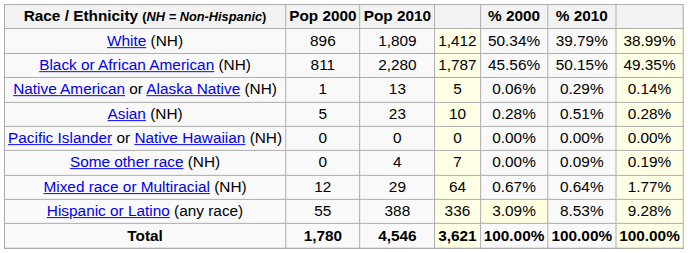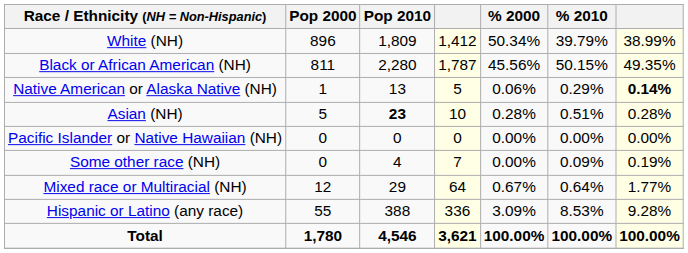 <table class="wikitable" style="text-align:center;">
 <tr>
 <th>Race / Ethnicity <small>(<em>NH = Non-Hispanic</em>)</small></th>
 <th>Pop 2000</th>
 <th>Pop 2010</th>
 <th></th>
 <th>% 2000</th>
 <th>% 2010</th>
 <th></th>
 </tr>
 <tr>
 <td><a href='#'>White</a> (NH)</td>
 <td>896</td>
 <td>1,809</td>
 <td style='background: #ffffe6;'>1,412</td>
 <td>50.34%</td>
 <td>39.79%</td>
 <td style='background: #ffffe6;'>38.99%</td>
 </tr>
 <tr>
 <td><a href='#'>Black or African American</a> (NH)</td>
 <td>811</td>
 <td>2,280</td>
 <td style='background: #ffffe6;'>1,787</td>
 <td>45.56%</td>
 <td>50.15%</td>
 <td style='background: #ffffe6;'>49.35%</td>
 </tr>
 <tr>
 <td><a href='#'>Native American</a> or <a href='#'>Alaska Native</a> (NH)</td>
 <td>1</td>
 <td>13</td>
 <td style='background: #ffffe6;'>5</td>
 <td>0.06%</td>
 <td>0.29%</td>
-<td style='background: #ffffe6;'>0.14%</td>
+<td style='background: #ffffe6;'><strong>0.14%</strong></td>
 </tr>
 <tr>
 <td><a href='#'>Asian</a> (NH)</td>
 <td>5</td>
-<td>23</td>
+<td><strong>23</strong></td>
 <td style='background: #ffffe6;'>10</td>
 <td>0.28%</td>
 <td>0.51%</td>
 <td style='background: #ffffe6;'>0.28%</td>
 </tr>
 <tr>
 <td><a href='#'>Pacific Islander</a> or <a href='#'>Native Hawaiian</a> (NH)</td>
 <td>0</td>
 <td>0</td>
 <td style='background: #ffffe6;'>0</td>
 <td>0.00%</td>
 <td>0.00%</td>
 <td style='background: #ffffe6;'>0.00%</td>
 </tr>
 <tr>
 <td><a href='#'>Some other race</a> (NH)</td>
 <td>0</td>
 <td>4</td>
 <td style='background: #ffffe6;'>7</td>
 <td>0.00%</td>
 <td>0.09%</td>
 <td style='background: #ffffe6;'>0.19%</td>
 </tr>
 <tr>
 <td><a href='#'>Mixed race or Multiracial</a> (NH)</td>
 <td>12</td>
 <td>29</td>
 <td style='background: #ffffe6;'>64</td>
 <td>0.67%</td>
 <td>0.64%</td>
 <td style='background: #ffffe6;'>1.77%</td>
 </tr>
 <tr>
 <td><a href='#'>Hispanic or Latino</a> (any race)</td>
 <td>55</td>
 <td>388</td>
 <td style='background: #ffffe6;'>336</td>
-<td style="background: lightyellow;">3.09%</td>
+<td>3.09%</td>
 <td>8.53%</td>
 <td style='background: #ffffe6;'>9.28%</td>
 </tr>
 <tr>
 <td><strong>Total</strong></td>
 <td><strong>1,780</strong></td>
 <td><strong>4,546</strong></td>
 <td style='background: #ffffe6;'><strong>3,621</strong></td>
 <td><strong>100.00%</strong></td>
 <td><strong>100.00%</strong></td>
 <td style='background: #ffffe6;'><strong>100.00%</strong></td>
 </tr>
 <tr>
 </tr>
 </table>
